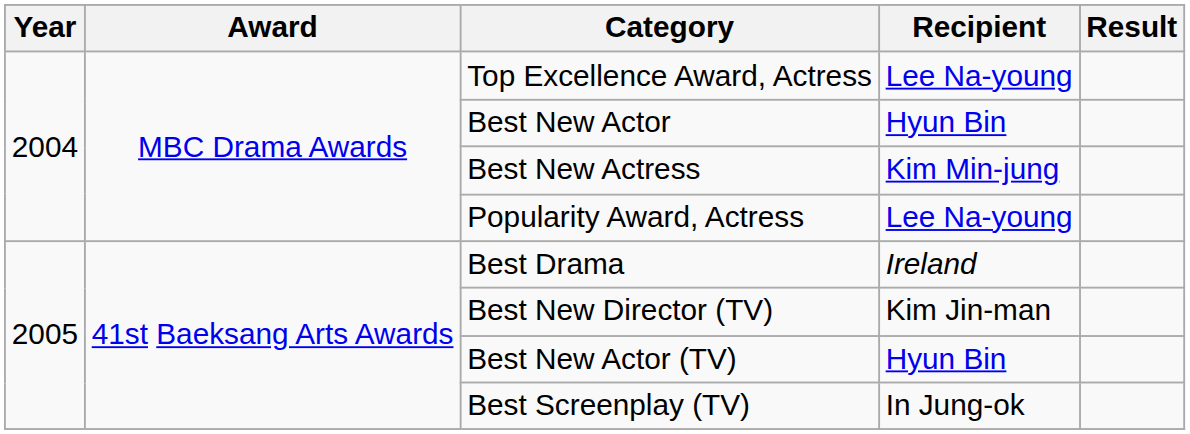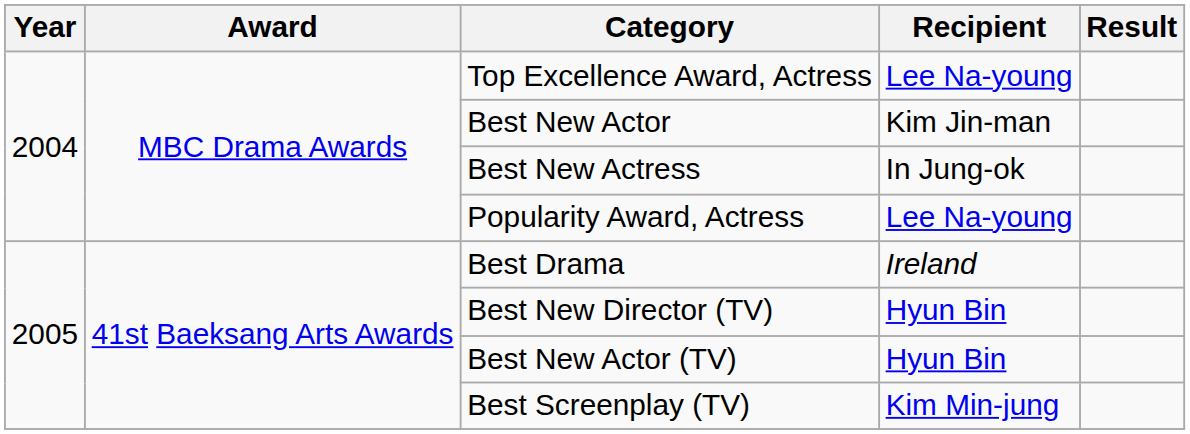 <table class="wikitable">
 <tr>
 <th>Year</th>
 <th>Award</th>
 <th>Category</th>
 <th>Recipient</th>
 <th>Result</th>
 </tr>
 <tr>
 <td rowspan="4">2004</td>
 <td rowspan="4" style="text-align:center;"><a href='#'>MBC Drama Awards</a></td>
 <td>Top Excellence Award, Actress</td>
 <td><a href='#'>Lee Na-young</a></td>
 <td></td>
 </tr>
 <tr>
 <td>Best New Actor</td>
-<td><a href='#'>Hyun Bin</a></td>
+<td>Kim Jin-man</td>
 <td></td>
 </tr>
 <tr>
 <td>Best New Actress</td>
-<td><a href='#'>Kim Min-jung</a></td>
+<td>In Jung-ok</td>
 <td></td>
 </tr>
 <tr>
 <td>Popularity Award, Actress</td>
 <td><a href='#'>Lee Na-young</a></td>
 <td></td>
 </tr>
 <tr>
 <td rowspan="4">2005</td>
 <td rowspan="4" style="text-align:center;"><a href='#'>41st</a> <a href='#'>Baeksang Arts Awards</a></td>
 <td>Best Drama</td>
 <td><em>Ireland</em></td>
 <td></td>
 </tr>
 <tr>
 <td>Best New Director (TV)</td>
-<td>Kim Jin-man</td>
+<td><a href='#'>Hyun Bin</a></td>
 <td></td>
 </tr>
 <tr>
 <td>Best New Actor (TV)</td>
 <td><a href='#'>Hyun Bin</a></td>
 <td></td>
 </tr>
 <tr>
 <td>Best Screenplay (TV)</td>
-<td>In Jung-ok</td>
+<td><a href='#'>Kim Min-jung</a></td>
 <td></td>
 </tr>
 </table>
